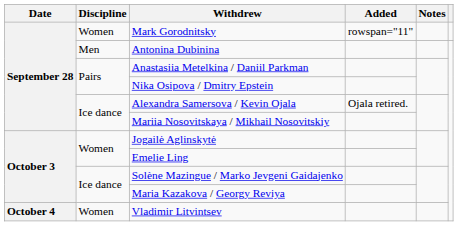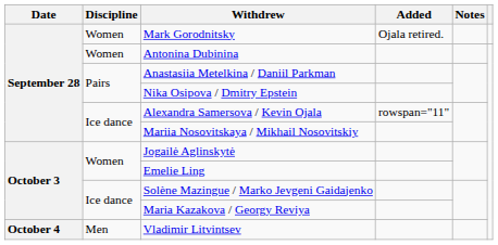 <table class="wikitable unsortable" style="text-align:left;">
 <tr>
 <th scope="col">Date</th>
 <th scope="col">Discipline</th>
 <th scope="col">Withdrew</th>
 <th scope="col">Added</th>
 <th scope="col">Notes</th>
 <th scope="col"></th>
 </tr>
 <tr>
 <th scope="row" style="text-align:left" rowspan="6">September 28</th>
 <td>Women</td>
 <td> <a href='#'>Mark Gorodnitsky</a></td>
-<td>rowspan="11" </td>
+<td>Ojala retired.</td>
 <td></td>
 <td></td>
 </tr>
 <tr>
-<td>Men</td>
+<td>Women</td>
 <td> <a href='#'>Antonina Dubinina</a></td>
 <td></td>
 <td></td>
 </tr>
 <tr>
 <td rowspan="2">Pairs</td>
 <td> <a href='#'>Anastasiia Metelkina</a> / <a href='#'>Daniil Parkman</a></td>
 <td></td>
 <td rowspan="2"></td>
 </tr>
 <tr>
 <td> <a href='#'>Nika Osipova</a> / <a href='#'>Dmitry Epstein</a></td>
 <td></td>
 </tr>
 <tr>
 <td rowspan="2">Ice dance</td>
 <td> <a href='#'>Alexandra Samersova</a> / <a href='#'>Kevin Ojala</a></td>
-<td>Ojala retired.</td>
+<td>rowspan="11" </td>
 <td rowspan="2"></td>
 </tr>
 <tr>
 <td> <a href='#'>Mariia Nosovitskaya</a> / <a href='#'>Mikhail Nosovitskiy</a></td>
 <td></td>
 </tr>
 <tr>
 <th scope="row" style="text-align:left" rowspan="4">October 3</th>
 <td rowspan=2>Women</td>
 <td> <a href='#'>Jogailė Aglinskytė</a></td>
 <td></td>
 <td rowspan="2"></td>
 </tr>
 <tr>
 <td> <a href='#'>Emelie Ling</a></td>
 <td></td>
 </tr>
 <tr>
 <td rowspan="2">Ice dance</td>
 <td> <a href='#'>Solène Mazingue</a> / <a href='#'>Marko Jevgeni Gaidajenko</a></td>
 <td></td>
 <td rowspan="2"></td>
 </tr>
 <tr>
 <td> <a href='#'>Maria Kazakova</a> / <a href='#'>Georgy Reviya</a></td>
 <td></td>
 </tr>
 <tr>
 <th scope="row" style="text-align:left">October 4</th>
-<td>Women</td>
+<td>Men</td>
 <td> <a href='#'>Vladimir Litvintsev</a></td>
 <td></td>
 <td></td>
 </tr>
 </table>
